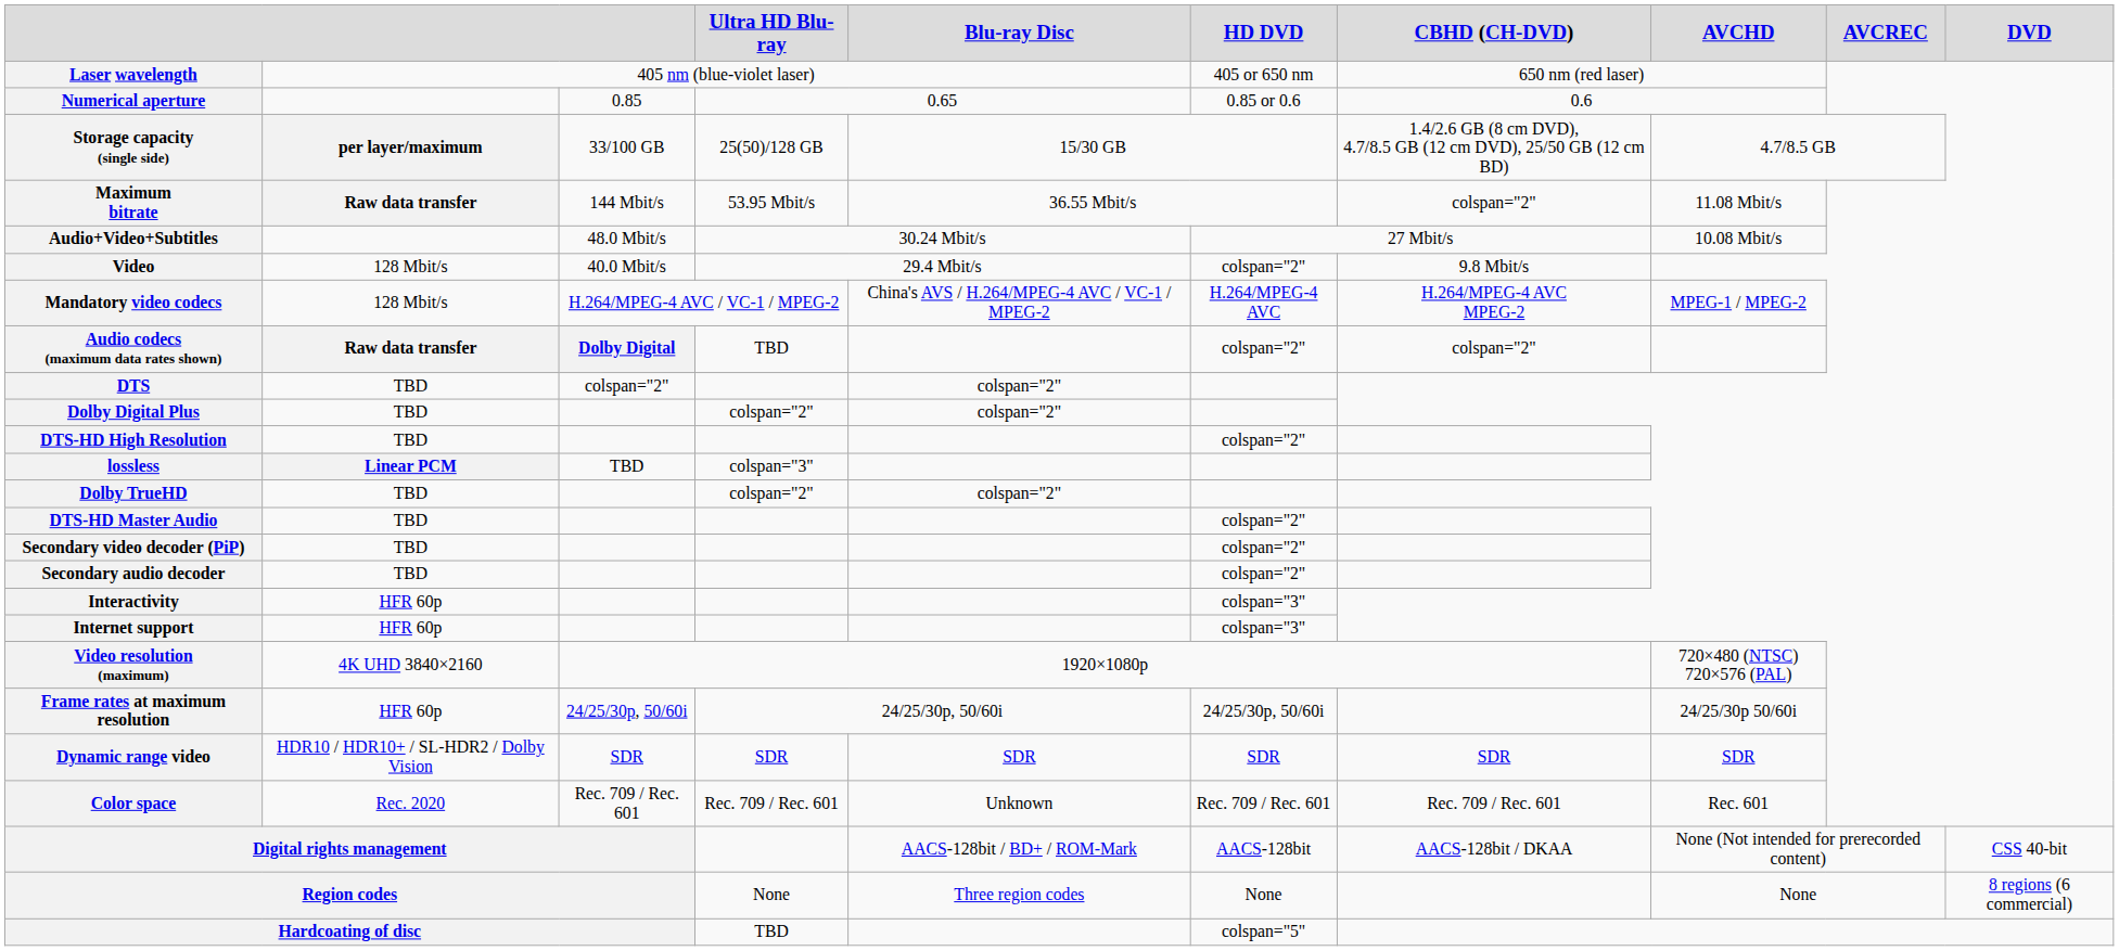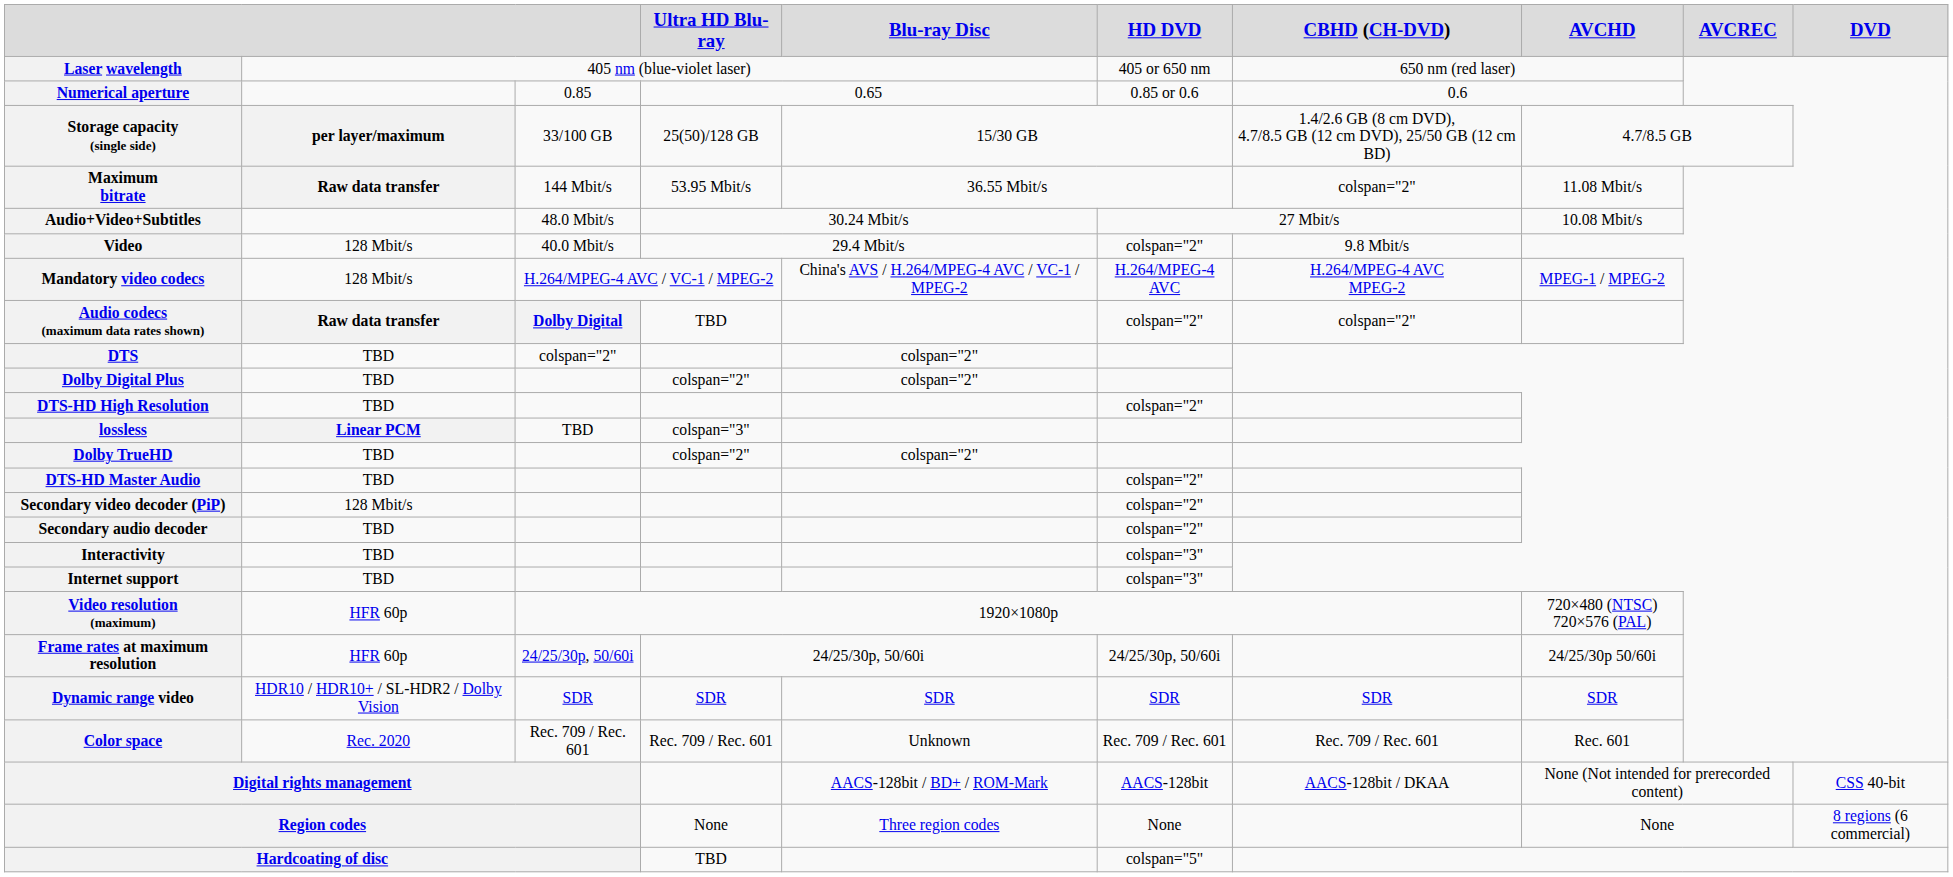 <table class="wikitable" style="text-align:center; width: 100%;">
 <tr style="background:Gainsboro;font-size: 120%;height:30px;">
 <th colspan="3" style="background:Gainsboro;"></th>
 <th style="background:Gainsboro;"><a href='#'>Ultra HD Blu-ray</a></th>
 <th style="background:Gainsboro;"><a href='#'>Blu-ray Disc</a></th>
 <th style="background:Gainsboro;"><a href='#'>HD DVD</a></th>
 <th style="background:Gainsboro;"><a href='#'>CBHD</a> (<a href='#'>CH-DVD</a>)</th>
 <th style="background:Gainsboro;"><a href='#'>AVCHD</a></th>
 <th style="background:Gainsboro;"><a href='#'>AVCREC</a></th>
 <th style="background:Gainsboro;"><a href='#'>DVD</a></th>
 </tr>
 <tr>
 <th><a href='#'>Laser</a> <a href='#'>wavelength</a></th>
 <td colspan="4">405 <a href='#'>nm</a> (blue-violet laser)</td>
 <td>405 or 650 nm</td>
 <td colspan="2">650 nm (red laser)</td>
 </tr>
 <tr>
 <th><a href='#'>Numerical aperture</a></th>
 <td></td>
 <td>0.85</td>
 <td colspan="2">0.65</td>
 <td>0.85 or 0.6</td>
 <td colspan="2">0.6</td>
 </tr>
 <tr>
 <th>Storage capacity<br><small>(single side)</small></th>
 <th>per layer/maximum</th>
 <td>33/100 GB</td>
 <td>25(50)/128 GB</td>
 <td colspan="2">15/30 GB</td>
 <td>1.4/2.6 GB (8 cm DVD),<br>4.7/8.5 GB (12 cm DVD), 25/50 GB (12 cm BD)</td>
 <td colspan="2">4.7/8.5 GB</td>
 </tr>
 <tr>
 <th>Maximum<br><a href='#'>bitrate</a></th>
 <th>Raw data transfer</th>
 <td>144 Mbit/s</td>
 <td>53.95 Mbit/s</td>
 <td colspan="2">36.55 Mbit/s</td>
 <td>colspan="2" </td>
 <td>11.08 Mbit/s</td>
 </tr>
 <tr>
 <th>Audio+Video+Subtitles</th>
 <td></td>
 <td>48.0 Mbit/s</td>
 <td colspan="2">30.24 Mbit/s</td>
 <td colspan="2">27 Mbit/s</td>
 <td>10.08 Mbit/s</td>
 </tr>
 <tr>
 <th>Video</th>
 <td>128 Mbit/s</td>
 <td>40.0 Mbit/s</td>
 <td colspan="2">29.4 Mbit/s</td>
 <td>colspan="2" </td>
 <td>9.8 Mbit/s</td>
 </tr>
 <tr>
 <th>Mandatory <a href='#'>video codecs</a></th>
 <td>128 Mbit/s</td>
 <td colspan="2"><a href='#'>H.264/MPEG-4 AVC</a> / <a href='#'>VC-1</a> / <a href='#'>MPEG-2</a></td>
 <td>China's <a href='#'>AVS</a> / <a href='#'>H.264/MPEG-4 AVC</a> / <a href='#'>VC-1</a> / <a href='#'>MPEG-2</a></td>
 <td><a href='#'>H.264/MPEG-4 AVC</a></td>
 <td><a href='#'>H.264/MPEG-4 AVC</a><br><a href='#'>MPEG-2</a></td>
 <td><a href='#'>MPEG-1</a> / <a href='#'>MPEG-2</a></td>
 </tr>
 <tr>
 <th><a href='#'>Audio codecs</a><br><small>(maximum data rates shown)</small></th>
 <th>Raw data transfer</th>
 <th><a href='#'>Dolby Digital</a></th>
 <td>TBD</td>
 <td></td>
 <td>colspan="2" </td>
 <td>colspan="2" </td>
 <td></td>
 </tr>
 <tr>
 <th><a href='#'>DTS</a></th>
 <td>TBD</td>
 <td>colspan="2" </td>
 <td></td>
 <td>colspan="2" </td>
 <td></td>
 </tr>
 <tr>
 <th><a href='#'>Dolby Digital Plus</a></th>
 <td>TBD</td>
 <td></td>
 <td>colspan="2" </td>
 <td>colspan="2" </td>
 <td></td>
 </tr>
 <tr>
 <th><a href='#'>DTS-HD High Resolution</a></th>
 <td>TBD</td>
 <td></td>
 <td></td>
 <td></td>
 <td>colspan="2" </td>
 <td></td>
 </tr>
 <tr>
 <th><a href='#'>lossless</a></th>
 <th><a href='#'>Linear PCM</a></th>
 <td>TBD</td>
 <td>colspan="3" </td>
 <td></td>
 <td></td>
 <td></td>
 </tr>
 <tr>
 <th><a href='#'>Dolby TrueHD</a></th>
 <td>TBD</td>
 <td></td>
 <td>colspan="2" </td>
 <td>colspan="2" </td>
 <td></td>
 </tr>
 <tr>
 <th><a href='#'>DTS-HD Master Audio</a></th>
 <td>TBD</td>
 <td></td>
 <td></td>
 <td></td>
 <td>colspan="2" </td>
 <td></td>
 </tr>
 <tr>
 <th>Secondary video decoder (<a href='#'>PiP</a>)</th>
-<td>TBD</td>
+<td>128 Mbit/s</td>
 <td></td>
 <td></td>
 <td></td>
 <td>colspan="2" </td>
 <td></td>
 </tr>
 <tr>
 <th>Secondary audio decoder</th>
 <td>TBD</td>
 <td></td>
 <td></td>
 <td></td>
 <td>colspan="2" </td>
 <td></td>
 </tr>
 <tr>
 <th>Interactivity</th>
-<td><a href='#'>HFR</a> 60p</td>
+<td>TBD</td>
 <td></td>
 <td></td>
 <td></td>
 <td>colspan="3" </td>
 </tr>
 <tr>
 <th>Internet support</th>
-<td><a href='#'>HFR</a> 60p</td>
+<td>TBD</td>
 <td></td>
 <td></td>
 <td></td>
 <td>colspan="3" </td>
 </tr>
 <tr>
 <th><a href='#'>Video resolution</a><br><small>(maximum)</small></th>
-<td><a href='#'>4K UHD</a> 3840×2160</td>
+<td><a href='#'>HFR</a> 60p</td>
 <td colspan="5">1920×1080p</td>
 <td>720×480 (<a href='#'>NTSC</a>)<br>720×576 (<a href='#'>PAL</a>)</td>
 </tr>
 <tr>
 <th><a href='#'>Frame rates</a> at maximum resolution</th>
 <td><a href='#'>HFR</a> 60p</td>
 <td><a href='#'>24/25/30p</a>, <a href='#'>50/60i</a></td>
 <td colspan="2">24/25/30p, 50/60i</td>
 <td>24/25/30p, 50/60i</td>
 <td></td>
 <td>24/25/30p 50/60i</td>
 </tr>
 <tr>
 <th><a href='#'>Dynamic range</a> <strong>video</strong></th>
 <td><a href='#'>HDR10</a> / <a href='#'>HDR10+</a> / SL-HDR2 / <a href='#'>Dolby Vision</a></td>
 <td><a href='#'>SDR</a></td>
 <td><a href='#'>SDR</a></td>
 <td><a href='#'>SDR</a></td>
 <td><a href='#'>SDR</a></td>
 <td><a href='#'>SDR</a></td>
 <td><a href='#'>SDR</a></td>
 </tr>
 <tr>
 <th><a href='#'>Color space</a></th>
 <td><a href='#'>Rec. 2020</a></td>
 <td>Rec. 709 / Rec. 601</td>
 <td>Rec. 709 / Rec. 601</td>
 <td>Unknown</td>
 <td>Rec. 709 / Rec. 601</td>
 <td>Rec. 709 / Rec. 601</td>
 <td>Rec. 601</td>
 </tr>
 <tr>
 <th colspan="3" ><a href='#'>Digital rights management</a></th>
 <td></td>
 <td><a href='#'>AACS</a>-128bit / <a href='#'>BD+</a> / <a href='#'>ROM-Mark</a></td>
 <td><a href='#'>AACS</a>-128bit</td>
 <td><a href='#'>AACS</a>-128bit / DKAA</td>
 <td colspan="2">None (Not intended for prerecorded content)</td>
 <td><a href='#'>CSS</a> 40-bit</td>
 </tr>
 <tr>
 <th colspan="3" ><a href='#'>Region codes</a></th>
 <td>None</td>
 <td><a href='#'>Three region codes</a></td>
 <td>None</td>
 <td></td>
 <td colspan="2">None</td>
 <td><a href='#'>8 regions</a> (6 commercial)</td>
 </tr>
 <tr>
 <th colspan="3" ><a href='#'>Hardcoating of disc</a></th>
 <td>TBD</td>
 <td></td>
 <td>colspan="5" </td>
 </tr>
 </table>
